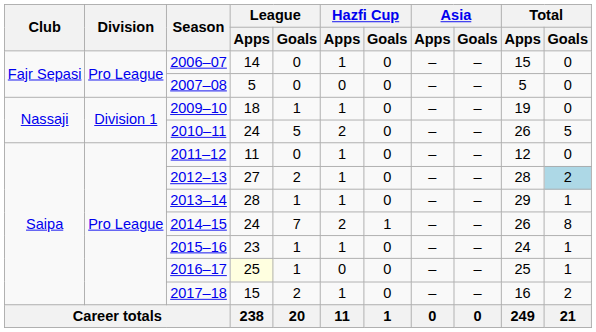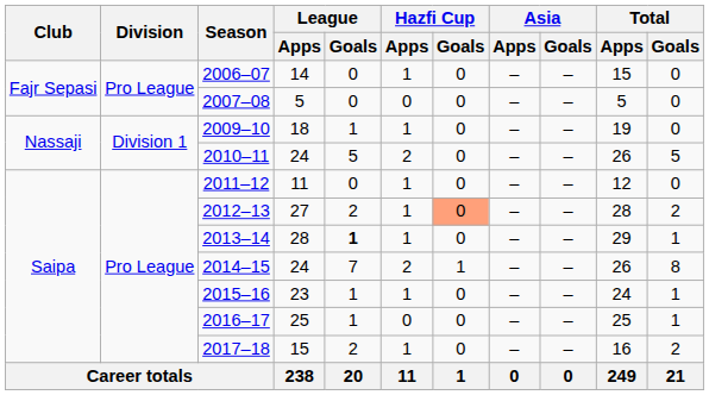 <table class="wikitable" style="text-align: center;">
 <tr>
 <th rowspan="2">Club</th>
 <th rowspan="2">Division</th>
 <th rowspan="2">Season</th>
 <th colspan="2">League</th>
 <th colspan="2"><a href='#'>Hazfi Cup</a></th>
 <th colspan="2"><a href='#'>Asia</a></th>
 <th colspan="2">Total</th>
 </tr>
 <tr>
 <th>Apps</th>
 <th>Goals</th>
 <th>Apps</th>
 <th>Goals</th>
 <th>Apps</th>
 <th>Goals</th>
 <th>Apps</th>
 <th>Goals</th>
 </tr>
 <tr>
 <td rowspan="2"><a href='#'>Fajr Sepasi</a></td>
 <td rowspan="2"><a href='#'>Pro League</a></td>
 <td><a href='#'>2006–07</a></td>
 <td>14</td>
 <td>0</td>
 <td>1</td>
 <td>0</td>
 <td>–</td>
 <td>–</td>
 <td>15</td>
 <td>0</td>
 </tr>
 <tr>
 <td><a href='#'>2007–08</a></td>
 <td>5</td>
 <td>0</td>
 <td>0</td>
 <td>0</td>
 <td>–</td>
 <td>–</td>
 <td>5</td>
 <td>0</td>
 </tr>
 <tr>
 <td rowspan="2"><a href='#'>Nassaji</a></td>
 <td rowspan="2"><a href='#'>Division 1</a></td>
 <td><a href='#'>2009–10</a></td>
 <td>18</td>
 <td>1</td>
 <td>1</td>
 <td>0</td>
 <td>–</td>
 <td>–</td>
 <td>19</td>
 <td>0</td>
 </tr>
 <tr>
 <td><a href='#'>2010–11</a></td>
 <td>24</td>
 <td>5</td>
 <td>2</td>
 <td>0</td>
 <td>–</td>
 <td>–</td>
 <td>26</td>
 <td>5</td>
 </tr>
 <tr>
 <td rowspan="7"><a href='#'>Saipa</a></td>
 <td rowspan="7"><a href='#'>Pro League</a></td>
 <td><a href='#'>2011–12</a></td>
 <td>11</td>
 <td>0</td>
 <td>1</td>
 <td>0</td>
 <td>–</td>
 <td>–</td>
 <td>12</td>
 <td>0</td>
 </tr>
 <tr>
 <td><a href='#'>2012–13</a></td>
 <td>27</td>
 <td>2</td>
 <td>1</td>
-<td>0</td>
+<td style="background: lightsalmon;">0</td>
 <td>–</td>
 <td>–</td>
 <td>28</td>
-<td style="background: lightblue;">2</td>
+<td>2</td>
 </tr>
 <tr>
 <td><a href='#'>2013–14</a></td>
 <td>28</td>
-<td>1</td>
+<td><strong>1</strong></td>
 <td>1</td>
 <td>0</td>
 <td>–</td>
 <td>–</td>
 <td>29</td>
 <td>1</td>
 </tr>
 <tr>
 <td><a href='#'>2014–15</a></td>
 <td>24</td>
 <td>7</td>
 <td>2</td>
 <td>1</td>
 <td>–</td>
 <td>–</td>
 <td>26</td>
 <td>8</td>
 </tr>
 <tr>
 <td><a href='#'>2015–16</a></td>
 <td>23</td>
 <td>1</td>
 <td>1</td>
 <td>0</td>
 <td>–</td>
 <td>–</td>
 <td>24</td>
 <td>1</td>
 </tr>
 <tr>
 <td><a href='#'>2016–17</a></td>
-<td style="background: lightyellow;">25</td>
+<td>25</td>
 <td>1</td>
 <td>0</td>
 <td>0</td>
 <td>–</td>
 <td>–</td>
 <td>25</td>
 <td>1</td>
 </tr>
 <tr>
 <td><a href='#'>2017–18</a></td>
 <td>15</td>
 <td>2</td>
 <td>1</td>
 <td>0</td>
 <td>–</td>
 <td>–</td>
 <td>16</td>
 <td>2</td>
 </tr>
 <tr>
 <th colspan="3">Career totals</th>
 <th>238</th>
 <th>20</th>
 <th>11</th>
 <th>1</th>
 <th>0</th>
 <th>0</th>
 <th>249</th>
 <th>21</th>
 </tr>
 </table>
